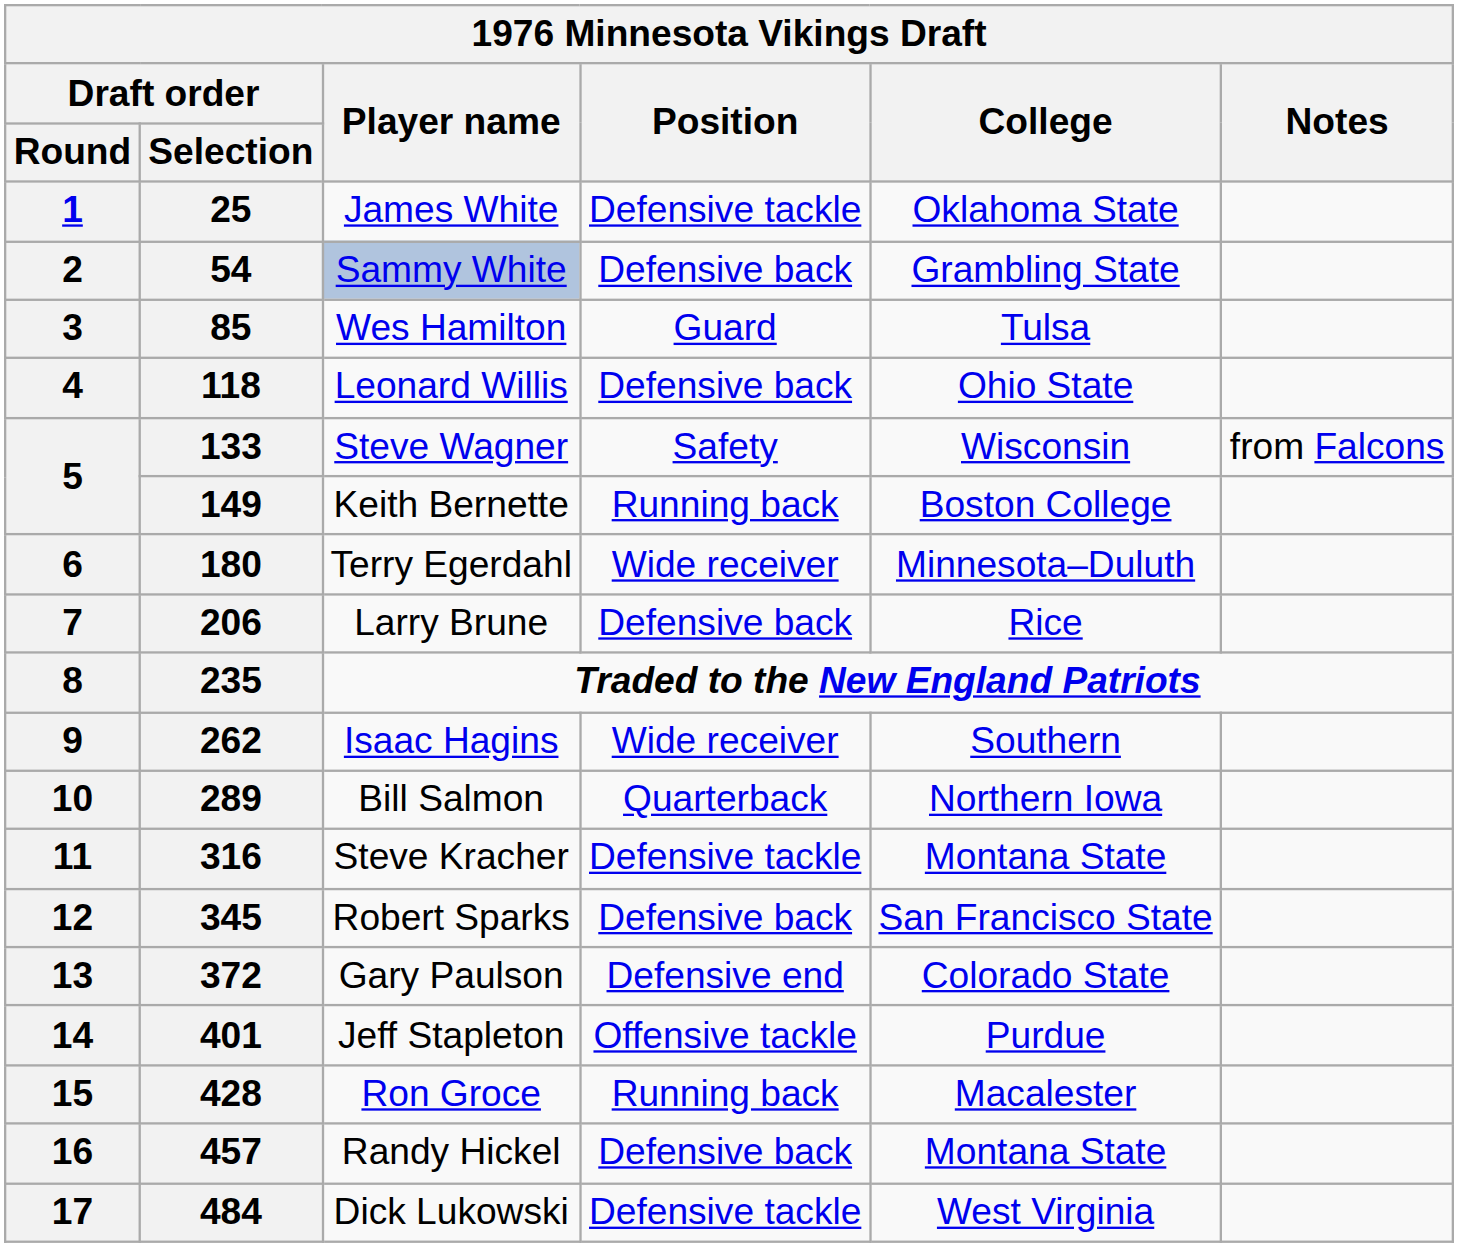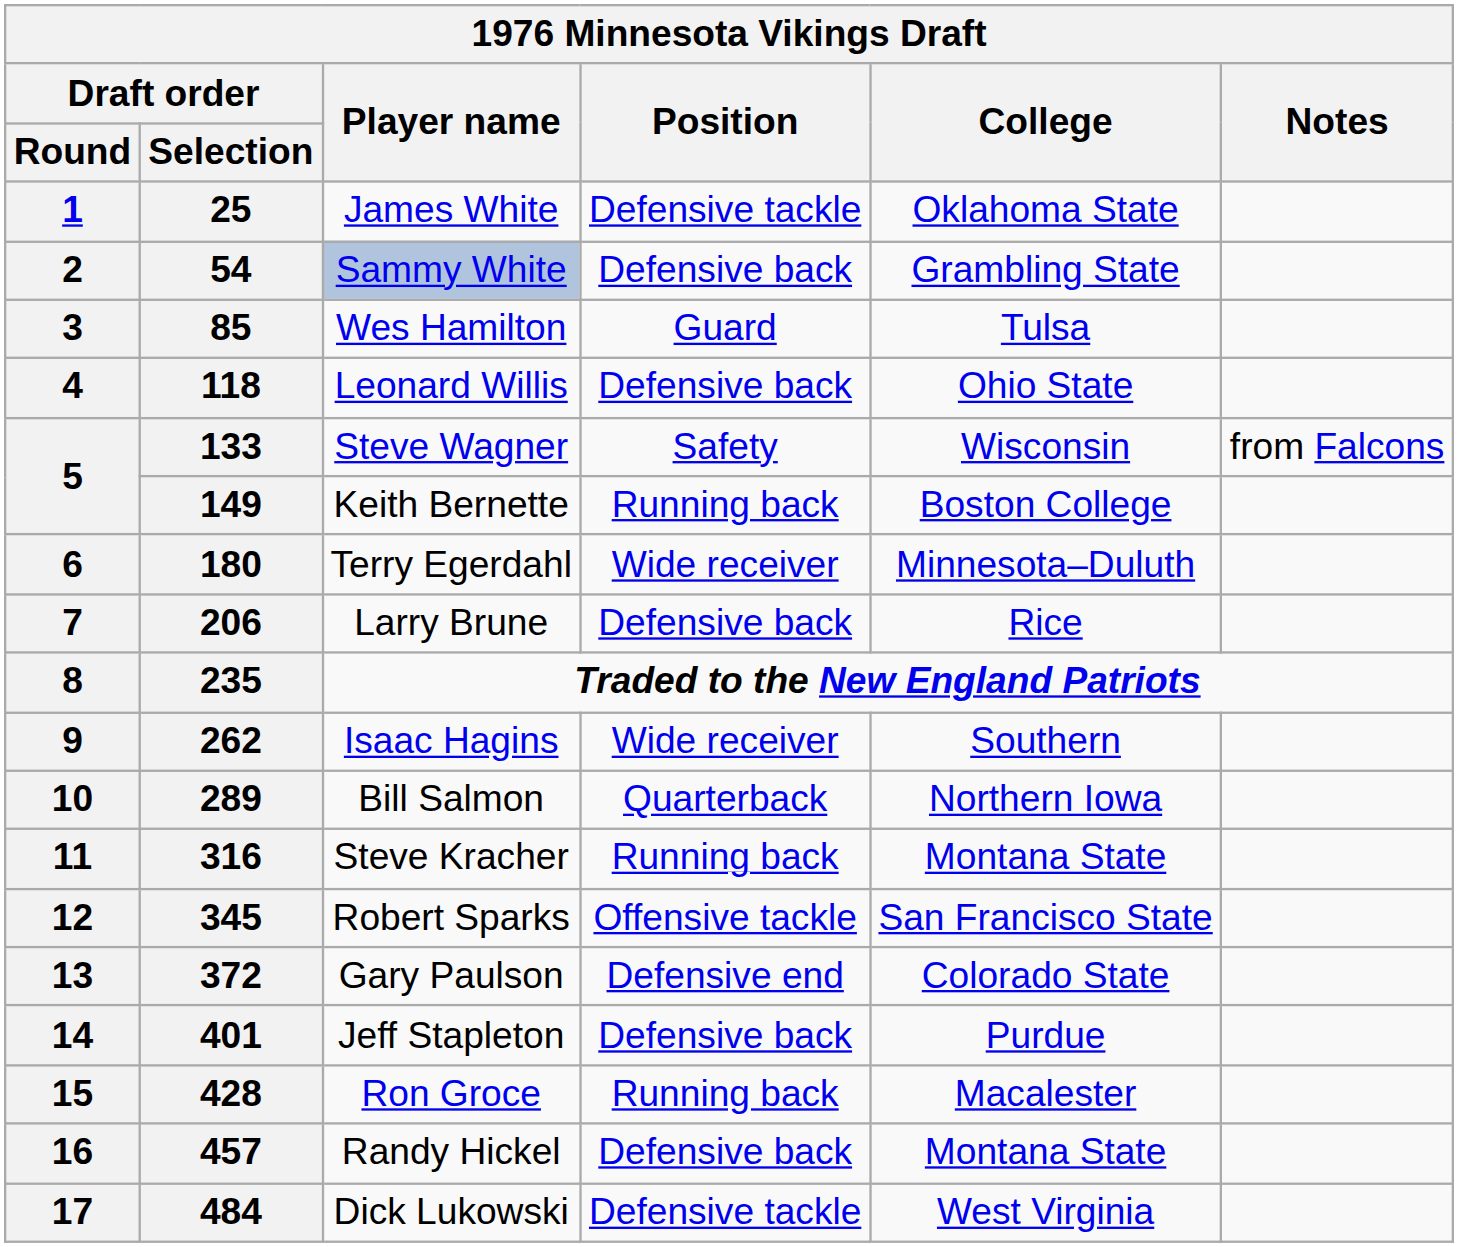 <table class="wikitable" style="text-align:center">
 <tr>
 <th colspan="6">1976 Minnesota Vikings Draft</th>
 </tr>
 <tr>
 <th colspan="2">Draft order</th>
 <th rowspan="2">Player name</th>
 <th rowspan="2">Position</th>
 <th rowspan="2">College</th>
 <th rowspan="2">Notes</th>
 </tr>
 <tr>
 <th>Round</th>
 <th>Selection</th>
 </tr>
 <tr>
 <th><a href='#'>1</a></th>
 <th>25</th>
 <td><a href='#'>James White</a></td>
 <td><a href='#'>Defensive tackle</a></td>
 <td><a href='#'>Oklahoma State</a></td>
 <td></td>
 </tr>
 <tr>
 <th>2</th>
 <th>54</th>
 <td bgcolor=lightsteelblue><a href='#'>Sammy White</a></td>
 <td><a href='#'>Defensive back</a></td>
 <td><a href='#'>Grambling State</a></td>
 <td></td>
 </tr>
 <tr>
 <th>3</th>
 <th>85</th>
 <td><a href='#'>Wes Hamilton</a></td>
 <td><a href='#'>Guard</a></td>
 <td><a href='#'>Tulsa</a></td>
 <td></td>
 </tr>
 <tr>
 <th>4</th>
 <th>118</th>
 <td><a href='#'>Leonard Willis</a></td>
 <td><a href='#'>Defensive back</a></td>
 <td><a href='#'>Ohio State</a></td>
 <td></td>
 </tr>
 <tr>
 <th rowspan="2">5</th>
 <th>133</th>
 <td><a href='#'>Steve Wagner</a></td>
 <td><a href='#'>Safety</a></td>
 <td><a href='#'>Wisconsin</a></td>
 <td>from <a href='#'>Falcons</a></td>
 </tr>
 <tr>
 <th>149</th>
 <td>Keith Bernette</td>
 <td><a href='#'>Running back</a></td>
 <td><a href='#'>Boston College</a></td>
 <td></td>
 </tr>
 <tr>
 <th>6</th>
 <th>180</th>
 <td>Terry Egerdahl</td>
 <td><a href='#'>Wide receiver</a></td>
 <td><a href='#'>Minnesota–Duluth</a></td>
 <td></td>
 </tr>
 <tr>
 <th>7</th>
 <th>206</th>
 <td>Larry Brune</td>
 <td><a href='#'>Defensive back</a></td>
 <td><a href='#'>Rice</a></td>
 <td></td>
 </tr>
 <tr>
 <th>8</th>
 <th>235</th>
 <td colspan="4"><strong><em>Traded to the <a href='#'>New England Patriots</a></em></strong></td>
 </tr>
 <tr>
 <th>9</th>
 <th>262</th>
 <td><a href='#'>Isaac Hagins</a></td>
 <td><a href='#'>Wide receiver</a></td>
 <td><a href='#'>Southern</a></td>
 <td></td>
 </tr>
 <tr>
 <th>10</th>
 <th>289</th>
 <td>Bill Salmon</td>
 <td><a href='#'>Quarterback</a></td>
 <td><a href='#'>Northern Iowa</a></td>
 <td></td>
 </tr>
 <tr>
 <th>11</th>
 <th>316</th>
 <td>Steve Kracher</td>
-<td><a href='#'>Defensive tackle</a></td>
+<td><a href='#'>Running back</a></td>
 <td><a href='#'>Montana State</a></td>
 <td></td>
 </tr>
 <tr>
 <th>12</th>
 <th>345</th>
 <td>Robert Sparks</td>
-<td><a href='#'>Defensive back</a></td>
+<td><a href='#'>Offensive tackle</a></td>
 <td><a href='#'>San Francisco State</a></td>
 <td></td>
 </tr>
 <tr>
 <th>13</th>
 <th>372</th>
 <td>Gary Paulson</td>
 <td><a href='#'>Defensive end</a></td>
 <td><a href='#'>Colorado State</a></td>
 <td></td>
 </tr>
 <tr>
 <th>14</th>
 <th>401</th>
 <td>Jeff Stapleton</td>
-<td><a href='#'>Offensive tackle</a></td>
+<td><a href='#'>Defensive back</a></td>
 <td><a href='#'>Purdue</a></td>
 <td></td>
 </tr>
 <tr>
 <th>15</th>
 <th>428</th>
 <td><a href='#'>Ron Groce</a></td>
 <td><a href='#'>Running back</a></td>
 <td><a href='#'>Macalester</a></td>
 <td></td>
 </tr>
 <tr>
 <th>16</th>
 <th>457</th>
 <td>Randy Hickel</td>
 <td><a href='#'>Defensive back</a></td>
 <td><a href='#'>Montana State</a></td>
 <td></td>
 </tr>
 <tr>
 <th>17</th>
 <th>484</th>
 <td>Dick Lukowski</td>
 <td><a href='#'>Defensive tackle</a></td>
 <td><a href='#'>West Virginia</a></td>
 <td></td>
 </tr>
 </table>
